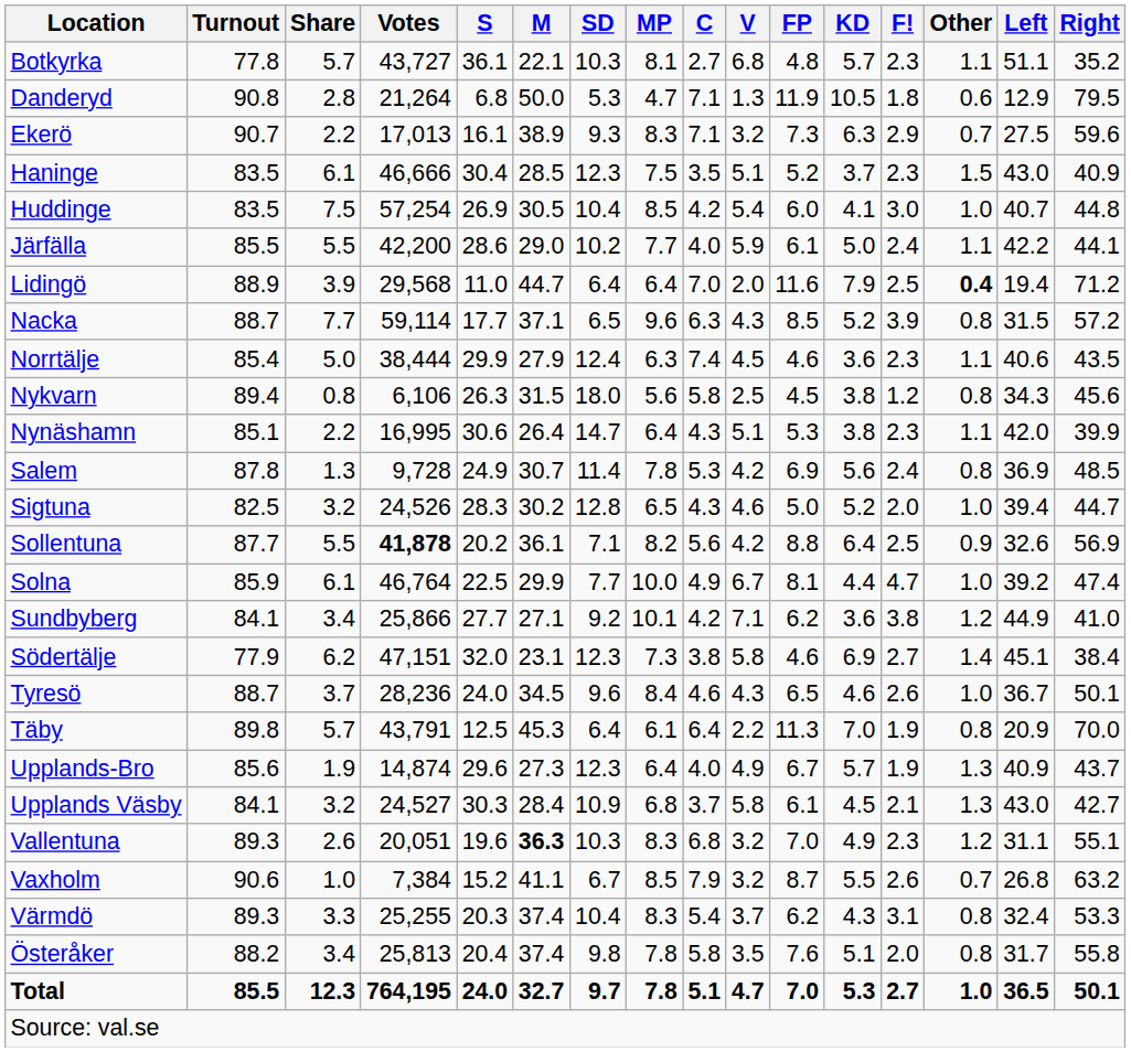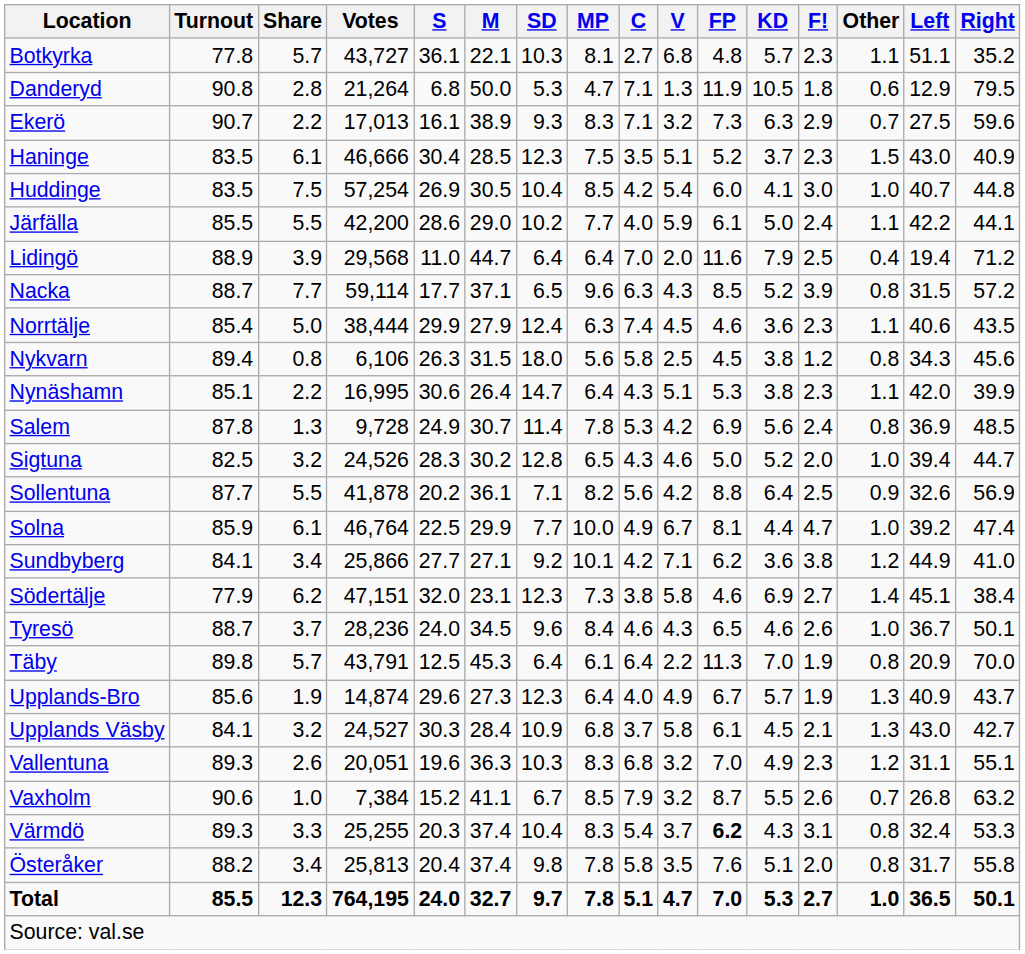 <table class="wikitable sortable" style=text-align:right>
 <tr>
 <th>Location</th>
 <th>Turnout</th>
 <th>Share</th>
 <th>Votes</th>
 <th><a href='#'>S</a></th>
 <th><a href='#'>M</a></th>
 <th><a href='#'>SD</a></th>
 <th><a href='#'>MP</a></th>
 <th><a href='#'>C</a></th>
 <th><a href='#'>V</a></th>
 <th><a href='#'>FP</a></th>
 <th><a href='#'>KD</a></th>
 <th><a href='#'>F!</a></th>
 <th>Other</th>
 <th><a href='#'>Left</a></th>
 <th><a href='#'>Right</a></th>
 </tr>
 <tr>
 <td align=left><a href='#'>Botkyrka</a></td>
 <td>77.8</td>
 <td>5.7</td>
 <td>43,727</td>
 <td>36.1</td>
 <td>22.1</td>
 <td>10.3</td>
 <td>8.1</td>
 <td>2.7</td>
 <td>6.8</td>
 <td>4.8</td>
 <td>5.7</td>
 <td>2.3</td>
 <td>1.1</td>
 <td>51.1</td>
 <td>35.2</td>
 </tr>
 <tr>
 <td align=left><a href='#'>Danderyd</a></td>
 <td>90.8</td>
 <td>2.8</td>
 <td>21,264</td>
 <td>6.8</td>
 <td>50.0</td>
 <td>5.3</td>
 <td>4.7</td>
 <td>7.1</td>
 <td>1.3</td>
 <td>11.9</td>
 <td>10.5</td>
 <td>1.8</td>
 <td>0.6</td>
 <td>12.9</td>
 <td>79.5</td>
 </tr>
 <tr>
 <td align=left><a href='#'>Ekerö</a></td>
 <td>90.7</td>
 <td>2.2</td>
 <td>17,013</td>
 <td>16.1</td>
 <td>38.9</td>
 <td>9.3</td>
 <td>8.3</td>
 <td>7.1</td>
 <td>3.2</td>
 <td>7.3</td>
 <td>6.3</td>
 <td>2.9</td>
 <td>0.7</td>
 <td>27.5</td>
 <td>59.6</td>
 </tr>
 <tr>
 <td align=left><a href='#'>Haninge</a></td>
 <td>83.5</td>
 <td>6.1</td>
 <td>46,666</td>
 <td>30.4</td>
 <td>28.5</td>
 <td>12.3</td>
 <td>7.5</td>
 <td>3.5</td>
 <td>5.1</td>
 <td>5.2</td>
 <td>3.7</td>
 <td>2.3</td>
 <td>1.5</td>
 <td>43.0</td>
 <td>40.9</td>
 </tr>
 <tr>
 <td align=left><a href='#'>Huddinge</a></td>
 <td>83.5</td>
 <td>7.5</td>
 <td>57,254</td>
 <td>26.9</td>
 <td>30.5</td>
 <td>10.4</td>
 <td>8.5</td>
 <td>4.2</td>
 <td>5.4</td>
 <td>6.0</td>
 <td>4.1</td>
 <td>3.0</td>
 <td>1.0</td>
 <td>40.7</td>
 <td>44.8</td>
 </tr>
 <tr>
 <td align=left><a href='#'>Järfälla</a></td>
 <td>85.5</td>
 <td>5.5</td>
 <td>42,200</td>
 <td>28.6</td>
 <td>29.0</td>
 <td>10.2</td>
 <td>7.7</td>
 <td>4.0</td>
 <td>5.9</td>
 <td>6.1</td>
 <td>5.0</td>
 <td>2.4</td>
 <td>1.1</td>
 <td>42.2</td>
 <td>44.1</td>
 </tr>
 <tr>
 <td align=left><a href='#'>Lidingö</a></td>
 <td>88.9</td>
 <td>3.9</td>
 <td>29,568</td>
 <td>11.0</td>
 <td>44.7</td>
 <td>6.4</td>
 <td>6.4</td>
 <td>7.0</td>
 <td>2.0</td>
 <td>11.6</td>
 <td>7.9</td>
 <td>2.5</td>
-<td><strong>0.4</strong></td>
+<td>0.4</td>
 <td>19.4</td>
 <td>71.2</td>
 </tr>
 <tr>
 <td align=left><a href='#'>Nacka</a></td>
 <td>88.7</td>
 <td>7.7</td>
 <td>59,114</td>
 <td>17.7</td>
 <td>37.1</td>
 <td>6.5</td>
 <td>9.6</td>
 <td>6.3</td>
 <td>4.3</td>
 <td>8.5</td>
 <td>5.2</td>
 <td>3.9</td>
 <td>0.8</td>
 <td>31.5</td>
 <td>57.2</td>
 </tr>
 <tr>
 <td align=left><a href='#'>Norrtälje</a></td>
 <td>85.4</td>
 <td>5.0</td>
 <td>38,444</td>
 <td>29.9</td>
 <td>27.9</td>
 <td>12.4</td>
 <td>6.3</td>
 <td>7.4</td>
 <td>4.5</td>
 <td>4.6</td>
 <td>3.6</td>
 <td>2.3</td>
 <td>1.1</td>
 <td>40.6</td>
 <td>43.5</td>
 </tr>
 <tr>
 <td align=left><a href='#'>Nykvarn</a></td>
 <td>89.4</td>
 <td>0.8</td>
 <td>6,106</td>
 <td>26.3</td>
 <td>31.5</td>
 <td>18.0</td>
 <td>5.6</td>
 <td>5.8</td>
 <td>2.5</td>
 <td>4.5</td>
 <td>3.8</td>
 <td>1.2</td>
 <td>0.8</td>
 <td>34.3</td>
 <td>45.6</td>
 </tr>
 <tr>
 <td align=left><a href='#'>Nynäshamn</a></td>
 <td>85.1</td>
 <td>2.2</td>
 <td>16,995</td>
 <td>30.6</td>
 <td>26.4</td>
 <td>14.7</td>
 <td>6.4</td>
 <td>4.3</td>
 <td>5.1</td>
 <td>5.3</td>
 <td>3.8</td>
 <td>2.3</td>
 <td>1.1</td>
 <td>42.0</td>
 <td>39.9</td>
 </tr>
 <tr>
 <td align=left><a href='#'>Salem</a></td>
 <td>87.8</td>
 <td>1.3</td>
 <td>9,728</td>
 <td>24.9</td>
 <td>30.7</td>
 <td>11.4</td>
 <td>7.8</td>
 <td>5.3</td>
 <td>4.2</td>
 <td>6.9</td>
 <td>5.6</td>
 <td>2.4</td>
 <td>0.8</td>
 <td>36.9</td>
 <td>48.5</td>
 </tr>
 <tr>
 <td align=left><a href='#'>Sigtuna</a></td>
 <td>82.5</td>
 <td>3.2</td>
 <td>24,526</td>
 <td>28.3</td>
 <td>30.2</td>
 <td>12.8</td>
 <td>6.5</td>
 <td>4.3</td>
 <td>4.6</td>
 <td>5.0</td>
 <td>5.2</td>
 <td>2.0</td>
 <td>1.0</td>
 <td>39.4</td>
 <td>44.7</td>
 </tr>
 <tr>
 <td align=left><a href='#'>Sollentuna</a></td>
 <td>87.7</td>
 <td>5.5</td>
-<td><strong>41,878</strong></td>
+<td>41,878</td>
 <td>20.2</td>
 <td>36.1</td>
 <td>7.1</td>
 <td>8.2</td>
 <td>5.6</td>
 <td>4.2</td>
 <td>8.8</td>
 <td>6.4</td>
 <td>2.5</td>
 <td>0.9</td>
 <td>32.6</td>
 <td>56.9</td>
 </tr>
 <tr>
 <td align=left><a href='#'>Solna</a></td>
 <td>85.9</td>
 <td>6.1</td>
 <td>46,764</td>
 <td>22.5</td>
 <td>29.9</td>
 <td>7.7</td>
 <td>10.0</td>
 <td>4.9</td>
 <td>6.7</td>
 <td>8.1</td>
 <td>4.4</td>
 <td>4.7</td>
 <td>1.0</td>
 <td>39.2</td>
 <td>47.4</td>
 </tr>
 <tr>
 <td align=left><a href='#'>Sundbyberg</a></td>
 <td>84.1</td>
 <td>3.4</td>
 <td>25,866</td>
 <td>27.7</td>
 <td>27.1</td>
 <td>9.2</td>
 <td>10.1</td>
 <td>4.2</td>
 <td>7.1</td>
 <td>6.2</td>
 <td>3.6</td>
 <td>3.8</td>
 <td>1.2</td>
 <td>44.9</td>
 <td>41.0</td>
 </tr>
 <tr>
 <td align=left><a href='#'>Södertälje</a></td>
 <td>77.9</td>
 <td>6.2</td>
 <td>47,151</td>
 <td>32.0</td>
 <td>23.1</td>
 <td>12.3</td>
 <td>7.3</td>
 <td>3.8</td>
 <td>5.8</td>
 <td>4.6</td>
 <td>6.9</td>
 <td>2.7</td>
 <td>1.4</td>
 <td>45.1</td>
 <td>38.4</td>
 </tr>
 <tr>
 <td align=left><a href='#'>Tyresö</a></td>
 <td>88.7</td>
 <td>3.7</td>
 <td>28,236</td>
 <td>24.0</td>
 <td>34.5</td>
 <td>9.6</td>
 <td>8.4</td>
 <td>4.6</td>
 <td>4.3</td>
 <td>6.5</td>
 <td>4.6</td>
 <td>2.6</td>
 <td>1.0</td>
 <td>36.7</td>
 <td>50.1</td>
 </tr>
 <tr>
 <td align=left><a href='#'>Täby</a></td>
 <td>89.8</td>
 <td>5.7</td>
 <td>43,791</td>
 <td>12.5</td>
 <td>45.3</td>
 <td>6.4</td>
 <td>6.1</td>
 <td>6.4</td>
 <td>2.2</td>
 <td>11.3</td>
 <td>7.0</td>
 <td>1.9</td>
 <td>0.8</td>
 <td>20.9</td>
 <td>70.0</td>
 </tr>
 <tr>
 <td align=left><a href='#'>Upplands-Bro</a></td>
 <td>85.6</td>
 <td>1.9</td>
 <td>14,874</td>
 <td>29.6</td>
 <td>27.3</td>
 <td>12.3</td>
 <td>6.4</td>
 <td>4.0</td>
 <td>4.9</td>
 <td>6.7</td>
 <td>5.7</td>
 <td>1.9</td>
 <td>1.3</td>
 <td>40.9</td>
 <td>43.7</td>
 </tr>
 <tr>
 <td align=left><a href='#'>Upplands Väsby</a></td>
 <td>84.1</td>
 <td>3.2</td>
 <td>24,527</td>
 <td>30.3</td>
 <td>28.4</td>
 <td>10.9</td>
 <td>6.8</td>
 <td>3.7</td>
 <td>5.8</td>
 <td>6.1</td>
 <td>4.5</td>
 <td>2.1</td>
 <td>1.3</td>
 <td>43.0</td>
 <td>42.7</td>
 </tr>
 <tr>
 <td align=left><a href='#'>Vallentuna</a></td>
 <td>89.3</td>
 <td>2.6</td>
 <td>20,051</td>
 <td>19.6</td>
-<td><strong>36.3</strong></td>
+<td>36.3</td>
 <td>10.3</td>
 <td>8.3</td>
 <td>6.8</td>
 <td>3.2</td>
 <td>7.0</td>
 <td>4.9</td>
 <td>2.3</td>
 <td>1.2</td>
 <td>31.1</td>
 <td>55.1</td>
 </tr>
 <tr>
 <td align=left><a href='#'>Vaxholm</a></td>
 <td>90.6</td>
 <td>1.0</td>
 <td>7,384</td>
 <td>15.2</td>
 <td>41.1</td>
 <td>6.7</td>
 <td>8.5</td>
 <td>7.9</td>
 <td>3.2</td>
 <td>8.7</td>
 <td>5.5</td>
 <td>2.6</td>
 <td>0.7</td>
 <td>26.8</td>
 <td>63.2</td>
 </tr>
 <tr>
 <td align=left><a href='#'>Värmdö</a></td>
 <td>89.3</td>
 <td>3.3</td>
 <td>25,255</td>
 <td>20.3</td>
 <td>37.4</td>
 <td>10.4</td>
 <td>8.3</td>
 <td>5.4</td>
 <td>3.7</td>
-<td>6.2</td>
+<td><strong>6.2</strong></td>
 <td>4.3</td>
 <td>3.1</td>
 <td>0.8</td>
 <td>32.4</td>
 <td>53.3</td>
 </tr>
 <tr>
 <td align=left><a href='#'>Österåker</a></td>
 <td>88.2</td>
 <td>3.4</td>
 <td>25,813</td>
 <td>20.4</td>
 <td>37.4</td>
 <td>9.8</td>
 <td>7.8</td>
 <td>5.8</td>
 <td>3.5</td>
 <td>7.6</td>
 <td>5.1</td>
 <td>2.0</td>
 <td>0.8</td>
 <td>31.7</td>
 <td>55.8</td>
 </tr>
 <tr>
 <td align=left><strong>Total</strong></td>
 <td><strong>85.5</strong></td>
 <td><strong>12.3</strong></td>
 <td><strong>764,195</strong></td>
 <td><strong>24.0</strong></td>
 <td><strong>32.7</strong></td>
 <td><strong>9.7</strong></td>
 <td><strong>7.8</strong></td>
 <td><strong>5.1</strong></td>
 <td><strong>4.7</strong></td>
 <td><strong>7.0</strong></td>
 <td><strong>5.3</strong></td>
 <td><strong>2.7</strong></td>
 <td><strong>1.0</strong></td>
 <td><strong>36.5</strong></td>
 <td><strong>50.1</strong></td>
 </tr>
 <tr>
 <td align=left colspan=16>Source: val.se </td>
 </tr>
 </table>
